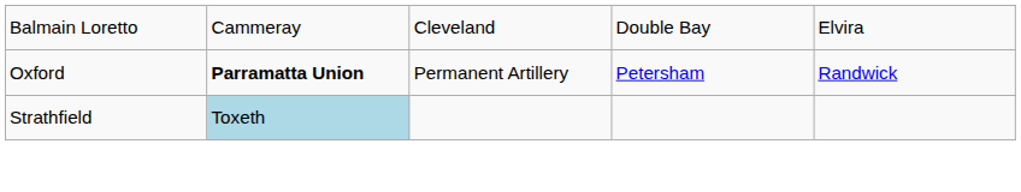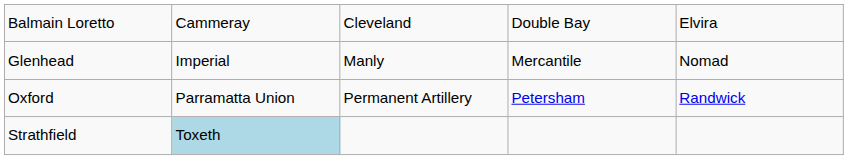 <table class="wikitable" style="margin:auto; text-valign:center; text-align:left;">
 <tr style="line-height:200%">
 <td width="175">Balmain Loretto</td>
 <td width="175">Cammeray</td>
 <td width="175">Cleveland</td>
 <td width="175">Double Bay</td>
 <td width="175">Elvira</td>
 </tr>
 <tr style="line-height:200%">
+<td>Glenhead</td>
+<td>Imperial</td>
+<td> Manly</td>
+<td> Mercantile</td>
+<td>Nomad</td>
+</tr>
+<tr style="line-height:200%">
 <td>Oxford</td>
-<td><strong>Parramatta Union</strong></td>
+<td>Parramatta Union</td>
 <td>Permanent Artillery</td>
 <td> <a href='#'>Petersham</a></td>
 <td> <a href='#'>Randwick</a></td>
 </tr>
 <tr style="line-height:200%">
 <td> Strathfield</td>
 <td style="background: lightblue;">Toxeth</td>
 <td></td>
 <td></td>
 <td></td>
 </tr>
 </table>
